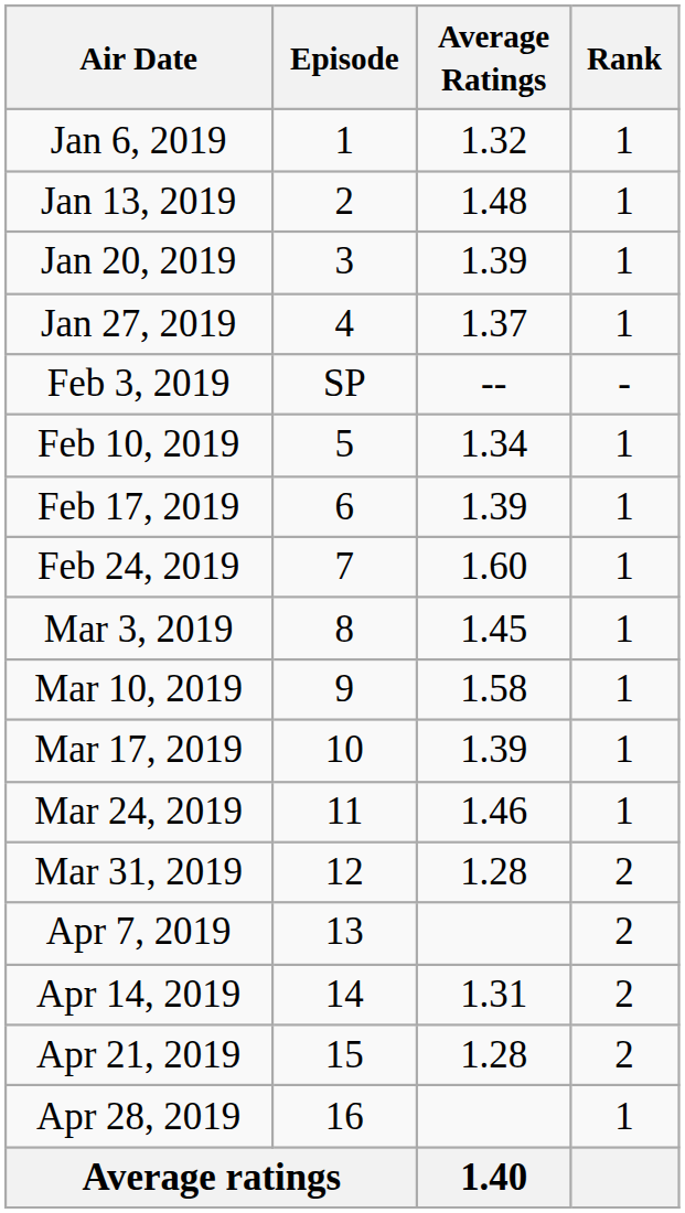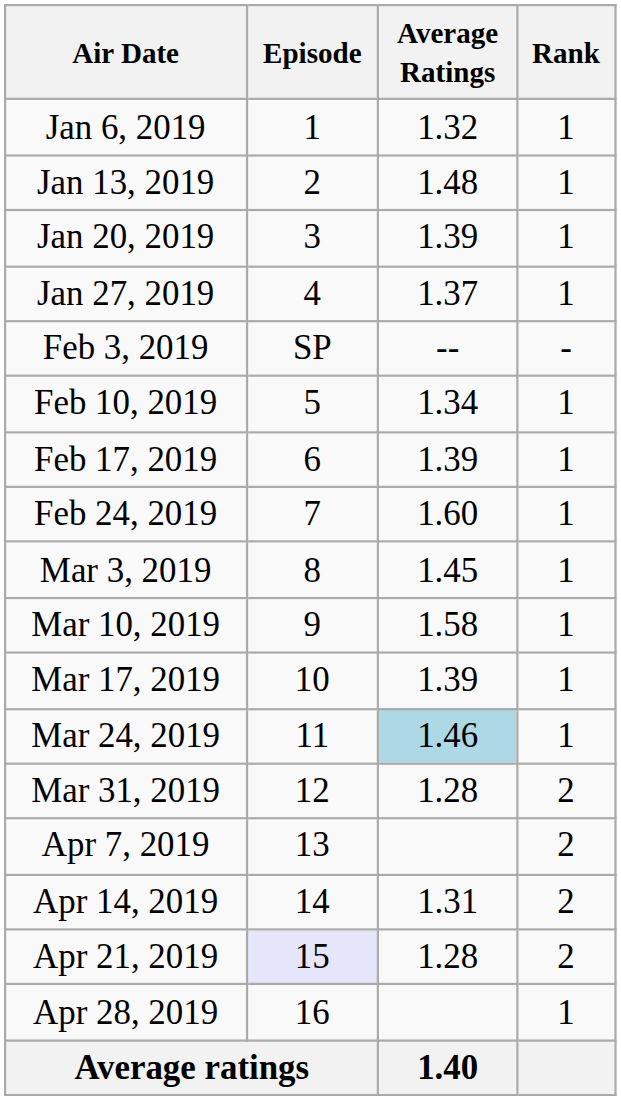 <table class="wikitable" style="text-align:center;width:45%;">
 <tr>
 <th width="25%"><small><strong>Air Date</strong></small></th>
 <th width="5%"><small><strong>Episode</strong></small></th>
 <th width="6%"><small><strong>Average Ratings</strong></small></th>
 <th width="4%"><small><strong>Rank</strong></small></th>
 </tr>
 <tr>
 <td>Jan 6, 2019</td>
 <td>1</td>
 <td>1.32</td>
 <td>1</td>
 </tr>
 <tr>
 <td>Jan 13, 2019</td>
 <td>2</td>
 <td>1.48</td>
 <td>1</td>
 </tr>
 <tr>
 <td>Jan 20, 2019</td>
 <td>3</td>
 <td>1.39</td>
 <td>1</td>
 </tr>
 <tr>
 <td>Jan 27, 2019</td>
 <td>4</td>
 <td>1.37</td>
 <td>1</td>
 </tr>
 <tr>
 <td>Feb 3, 2019</td>
 <td>SP</td>
 <td>--</td>
 <td>-</td>
 </tr>
 <tr>
 <td>Feb 10, 2019</td>
 <td>5</td>
 <td>1.34</td>
 <td>1</td>
 </tr>
 <tr>
 <td>Feb 17, 2019</td>
 <td>6</td>
 <td>1.39</td>
 <td>1</td>
 </tr>
 <tr>
 <td>Feb 24, 2019</td>
 <td>7</td>
 <td>1.60</td>
 <td>1</td>
 </tr>
 <tr>
 <td>Mar 3, 2019</td>
 <td>8</td>
 <td>1.45</td>
 <td>1</td>
 </tr>
 <tr>
 <td>Mar 10, 2019</td>
 <td>9</td>
 <td>1.58</td>
 <td>1</td>
 </tr>
 <tr>
 <td>Mar 17, 2019</td>
 <td>10</td>
 <td>1.39</td>
 <td>1</td>
 </tr>
 <tr>
 <td>Mar 24, 2019</td>
 <td>11</td>
-<td>1.46</td>
+<td style="background: lightblue;">1.46</td>
 <td>1</td>
 </tr>
 <tr>
 <td>Mar 31, 2019</td>
 <td>12</td>
 <td>1.28</td>
 <td>2</td>
 </tr>
 <tr>
 <td>Apr 7, 2019</td>
 <td>13</td>
 <td></td>
 <td>2</td>
 </tr>
 <tr>
 <td>Apr 14, 2019</td>
 <td>14</td>
 <td>1.31</td>
 <td>2</td>
 </tr>
 <tr>
 <td>Apr 21, 2019</td>
-<td>15</td>
+<td style="background: lavender;">15</td>
 <td>1.28</td>
 <td>2</td>
 </tr>
 <tr>
 <td>Apr 28, 2019</td>
 <td>16</td>
 <td></td>
 <td>1</td>
 </tr>
 <tr>
 <th colspan="2"><strong>Average ratings</strong></th>
 <th>1.40</th>
 <th></th>
 </tr>
 </table>
